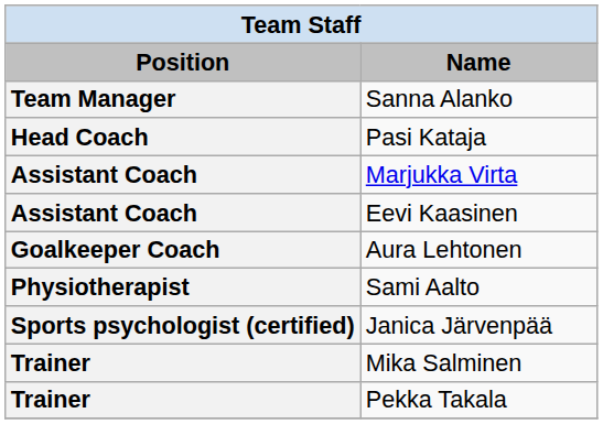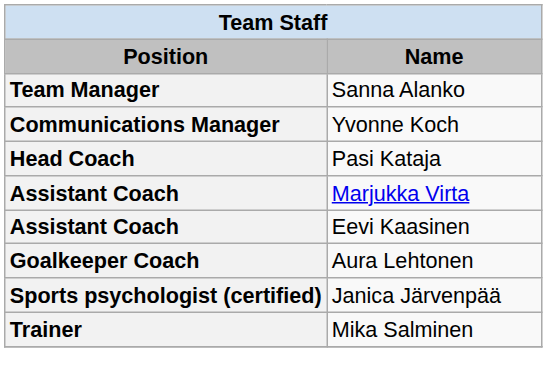 <table class="wikitable" style="text-align:left; font-size:90%;">
 <tr>
 <th style=background:#CEE0F2 colspan=2>Team Staff</th>
 </tr>
 <tr>
 <th width=60% style="background:silver;">Position</th>
 <th style="background:silver;">Name</th>
 </tr>
 <tr>
 <th style="text-align:left;">Team Manager</th>
 <td>Sanna Alanko</td>
+</tr>
+<tr>
+<th style="text-align:left;">Communications Manager</th>
+<td>Yvonne Koch</td>
 </tr>
 <tr>
 <th style="text-align:left;">Head Coach</th>
 <td>Pasi Kataja</td>
 </tr>
 <tr>
 <th style="text-align:left;">Assistant Coach</th>
 <td><a href='#'>Marjukka Virta</a></td>
 </tr>
 <tr>
 <th style="text-align:left;">Assistant Coach</th>
 <td>Eevi Kaasinen</td>
 </tr>
 <tr>
 <th style="text-align:left;">Goalkeeper Coach</th>
 <td>Aura Lehtonen</td>
 </tr>
 <tr>
-<th style="text-align:left;">Physiotherapist</th>
-<td>Sami Aalto</td>
-</tr>
-<tr>
 <th style="text-align:left;">Sports psychologist (certified)</th>
 <td>Janica Järvenpää</td>
 </tr>
 <tr>
 <th style="text-align:left;">Trainer</th>
 <td>Mika Salminen</td>
 </tr>
 <tr>
-<th style="text-align:left;">Trainer</th>
-<td>Pekka Takala</td>
-</tr>
-<tr>
 </tr>
 </table>
